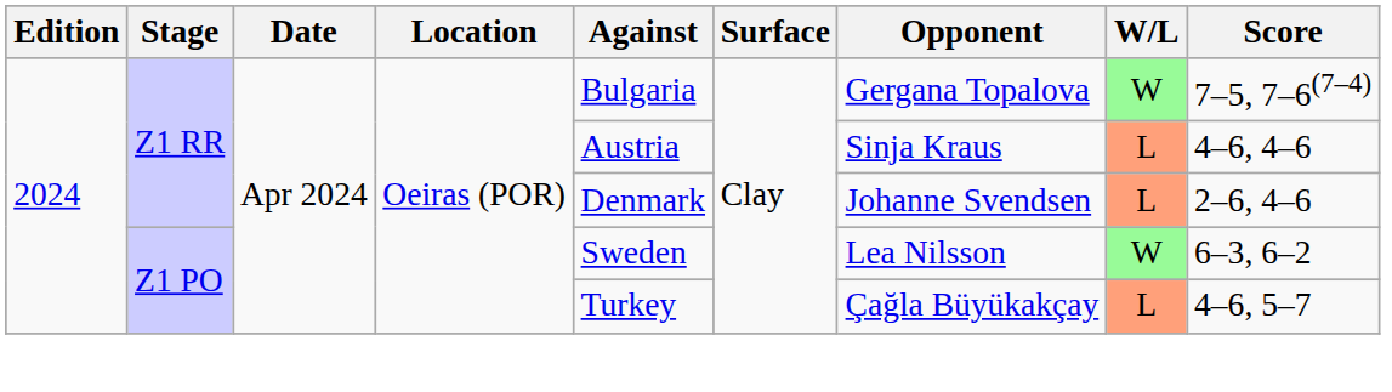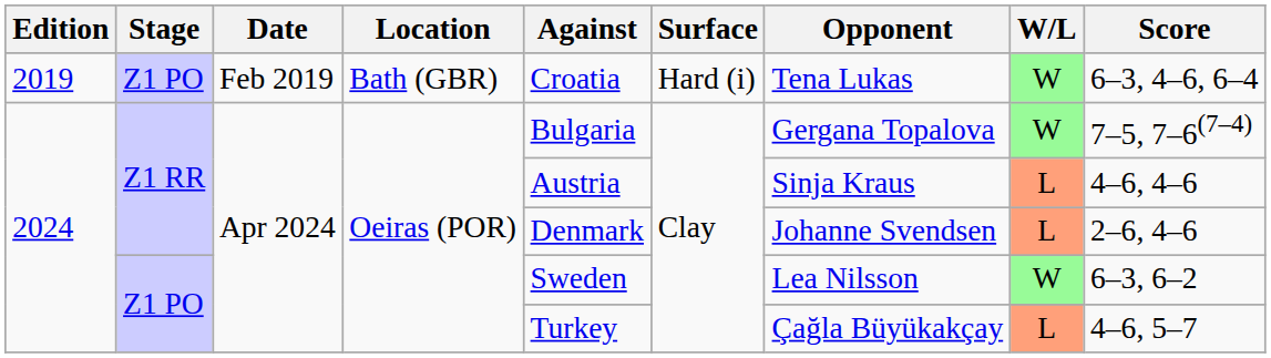 <table class=wikitable>
 <tr>
 <th>Edition</th>
 <th>Stage</th>
 <th>Date</th>
 <th>Location</th>
 <th>Against</th>
 <th>Surface</th>
 <th>Opponent</th>
 <th>W/L</th>
 <th>Score</th>
+</tr>
+<tr>
+<td><a href='#'>2019</a></td>
+<td style="background:#CCCCFF;"><a href='#'>Z1 PO</a></td>
+<td>Feb 2019</td>
+<td><a href='#'>Bath</a> (GBR)</td>
+<td> <a href='#'>Croatia</a></td>
+<td>Hard (i)</td>
+<td><a href='#'>Tena Lukas</a></td>
+<td style="text-align:center; background:#98fb98;">W</td>
+<td>6–3, 4–6, 6–4</td>
 </tr>
 <tr>
 <td rowspan=5><a href='#'>2024</a></td>
 <td rowspan=3 style="background:#CCCCFF;"><a href='#'>Z1 RR</a></td>
 <td rowspan=5>Apr 2024</td>
 <td rowspan=5><a href='#'>Oeiras</a> (POR)</td>
 <td> <a href='#'>Bulgaria</a></td>
 <td rowspan=5>Clay</td>
 <td><a href='#'>Gergana Topalova</a></td>
 <td style="text-align:center; background:#98fb98;">W</td>
 <td>7–5, 7–6<sup>(7–4)</sup></td>
 </tr>
 <tr>
 <td> <a href='#'>Austria</a></td>
 <td><a href='#'>Sinja Kraus</a></td>
 <td style="text-align:center; background:#ffa07a;">L</td>
 <td>4–6, 4–6</td>
 </tr>
 <tr>
 <td> <a href='#'>Denmark</a></td>
 <td><a href='#'>Johanne Svendsen</a></td>
 <td style="text-align:center; background:#ffa07a;">L</td>
 <td>2–6, 4–6</td>
 </tr>
 <tr>
 <td rowspan=2 style="background:#CCCCFF;"><a href='#'>Z1 PO</a></td>
 <td> <a href='#'>Sweden</a></td>
 <td><a href='#'>Lea Nilsson</a></td>
 <td style="text-align:center; background:#98fb98;">W</td>
 <td>6–3, 6–2</td>
 </tr>
 <tr>
 <td> <a href='#'>Turkey</a></td>
 <td><a href='#'>Çağla Büyükakçay</a></td>
 <td style="text-align:center; background:#ffa07a;">L</td>
 <td>4–6, 5–7</td>
 </tr>
 </table>
